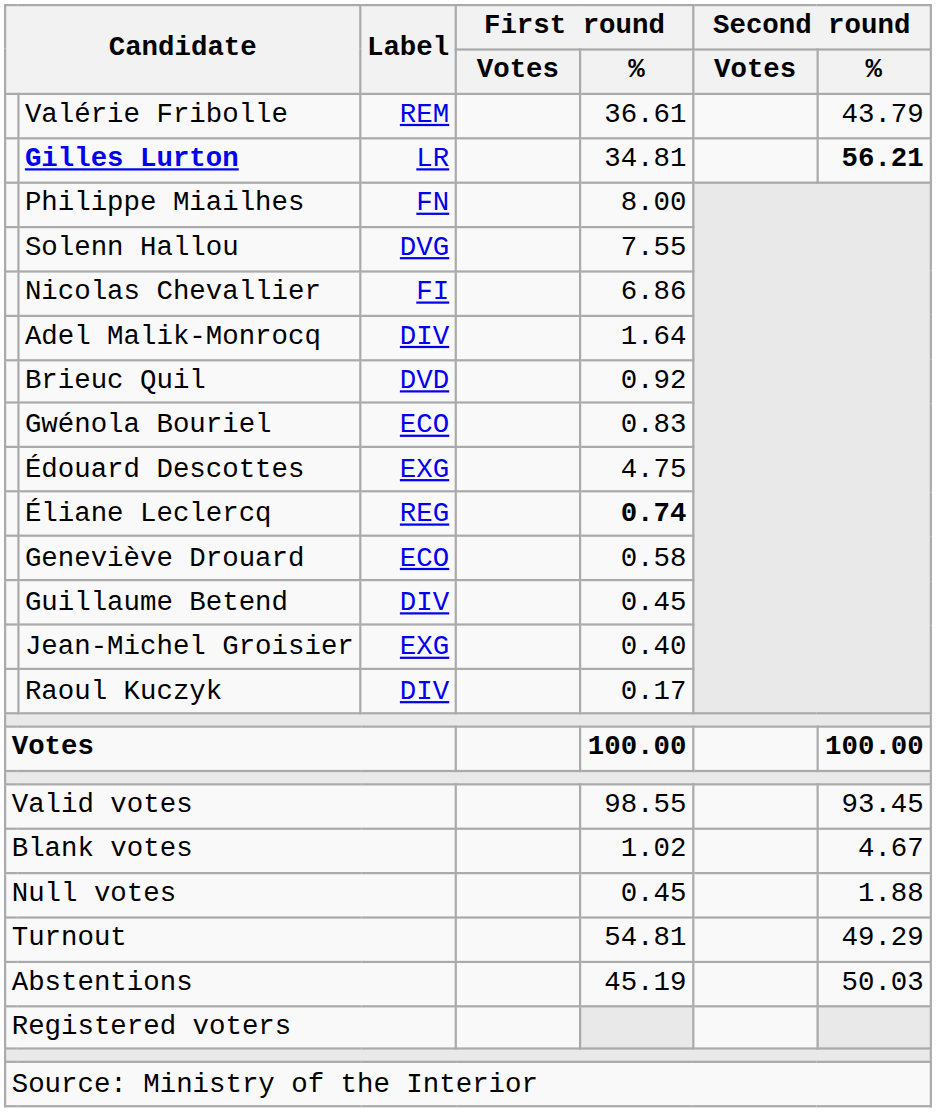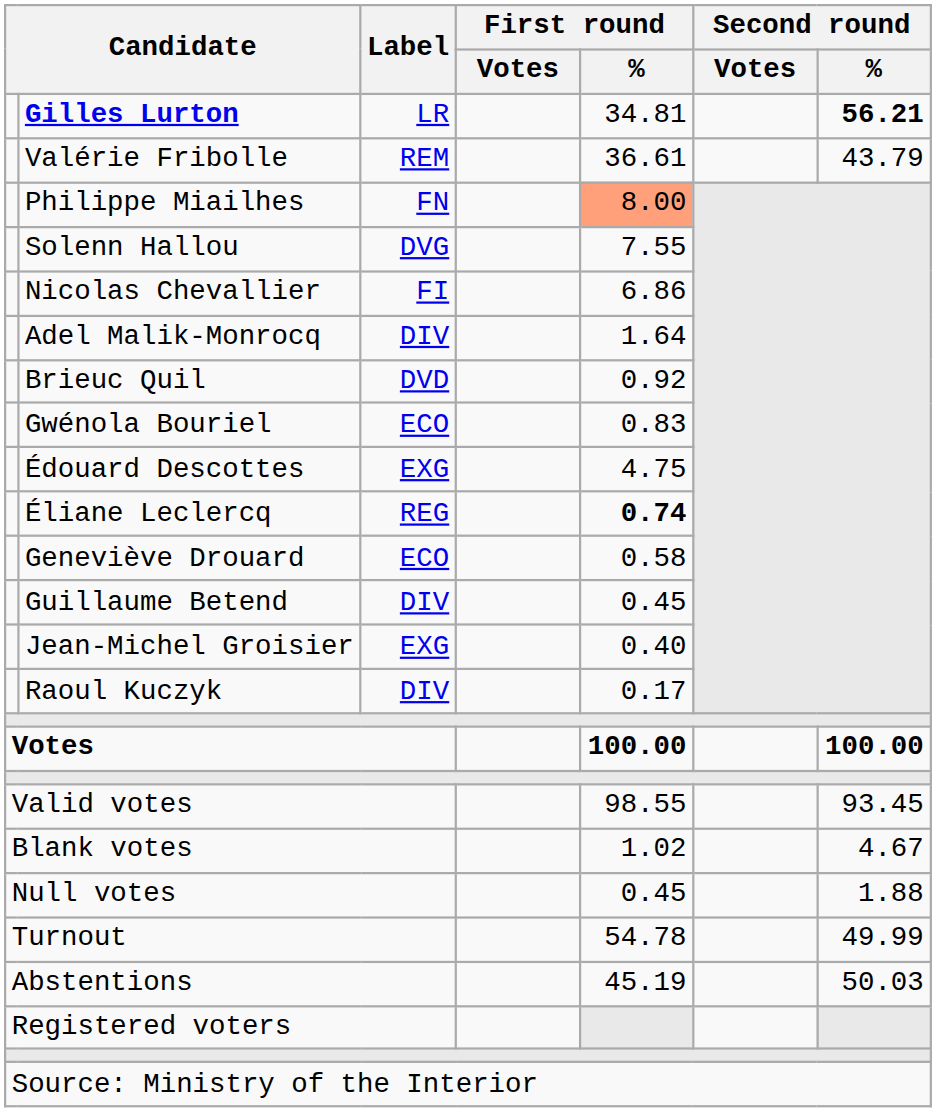 <table class="wikitable" style="text-align:right;font-size:95%;">
 <tr>
 <th rowspan="2" colspan="2">Candidate</th>
 <th rowspan="2">Label</th>
 <th colspan="2">First round</th>
 <th colspan="2">Second round</th>
 </tr>
 <tr>
 <th style="width:50px;">Votes</th>
 <th style="width:45px;">%</th>
 <th style="width:50px;">Votes</th>
 <th style="width:45px;">%</th>
 </tr>
 <tr>
 <td style="color:inherit;background:"></td>
+<td style="text-align:left;"><strong><a href='#'>Gilles Lurton</a></strong></td>
+<td><a href='#'>LR</a></td>
+<td></td>
+<td>34.81</td>
+<td><strong></strong></td>
+<td><strong>56.21</strong></td>
+</tr>
+<tr>
+<td style="color:inherit;background:"></td>
 <td style="text-align:left;">Valérie Fribolle</td>
 <td><a href='#'>REM</a></td>
 <td></td>
 <td>36.61</td>
 <td></td>
 <td>43.79</td>
 </tr>
 <tr>
 <td style="color:inherit;background:"></td>
-<td style="text-align:left;"><strong><a href='#'>Gilles Lurton</a></strong></td>
-<td><a href='#'>LR</a></td>
-<td></td>
-<td>34.81</td>
-<td><strong></strong></td>
-<td><strong>56.21</strong></td>
-</tr>
-<tr>
-<td style="color:inherit;background:"></td>
 <td style="text-align:left;">Philippe Miailhes</td>
 <td><a href='#'>FN</a></td>
 <td></td>
-<td>8.00</td>
+<td style="background: lightsalmon;">8.00</td>
 <td colspan="2" rowspan="12" style="background:#E9E9E9;"></td>
 </tr>
 <tr>
 <td style="color:inherit;background:"></td>
 <td style="text-align:left;">Solenn Hallou</td>
 <td><a href='#'>DVG</a></td>
 <td></td>
 <td>7.55</td>
 </tr>
 <tr>
 <td style="color:inherit;background:"></td>
 <td style="text-align:left;">Nicolas Chevallier</td>
 <td><a href='#'>FI</a></td>
 <td></td>
 <td>6.86</td>
 </tr>
 <tr>
 <td style="color:inherit;background:"></td>
 <td style="text-align:left;">Adel Malik-Monrocq</td>
 <td><a href='#'>DIV</a></td>
 <td></td>
 <td>1.64</td>
 </tr>
 <tr>
 <td style="color:inherit;background:"></td>
 <td style="text-align:left;">Brieuc Quil</td>
 <td><a href='#'>DVD</a></td>
 <td></td>
 <td>0.92</td>
 </tr>
 <tr>
 <td style="color:inherit;background:"></td>
 <td style="text-align:left;">Gwénola Bouriel</td>
 <td><a href='#'>ECO</a></td>
 <td></td>
 <td>0.83</td>
 </tr>
 <tr>
 <td style="color:inherit;background:"></td>
 <td style="text-align:left;">Édouard Descottes</td>
 <td><a href='#'>EXG</a></td>
 <td></td>
 <td>4.75</td>
 </tr>
 <tr>
 <td style="color:inherit;background:"></td>
 <td style="text-align:left;">Éliane Leclercq</td>
 <td><a href='#'>REG</a></td>
 <td></td>
 <td><strong>0.74</strong></td>
 </tr>
 <tr>
 <td style="color:inherit;background:"></td>
 <td style="text-align:left;">Geneviève Drouard</td>
 <td><a href='#'>ECO</a></td>
 <td></td>
 <td>0.58</td>
 </tr>
 <tr>
 <td style="color:inherit;background:"></td>
 <td style="text-align:left;">Guillaume Betend</td>
 <td><a href='#'>DIV</a></td>
 <td></td>
 <td>0.45</td>
 </tr>
 <tr>
 <td style="color:inherit;background:"></td>
 <td style="text-align:left;">Jean-Michel Groisier</td>
 <td><a href='#'>EXG</a></td>
 <td></td>
 <td>0.40</td>
 </tr>
 <tr>
 <td style="color:inherit;background:"></td>
 <td style="text-align:left;">Raoul Kuczyk</td>
 <td><a href='#'>DIV</a></td>
 <td></td>
 <td>0.17</td>
 </tr>
 <tr>
 <td colspan="7" style="background:#E9E9E9;"></td>
 </tr>
 <tr style="font-weight:bold;">
 <td colspan="3" style="text-align:left;">Votes</td>
 <td></td>
 <td>100.00</td>
 <td></td>
 <td>100.00</td>
 </tr>
 <tr>
 <td colspan="7" style="background:#E9E9E9;"></td>
 </tr>
 <tr>
 <td colspan="3" style="text-align:left;">Valid votes</td>
 <td></td>
 <td>98.55</td>
 <td></td>
 <td>93.45</td>
 </tr>
 <tr>
 <td colspan="3" style="text-align:left;">Blank votes</td>
 <td></td>
 <td>1.02</td>
 <td></td>
 <td>4.67</td>
 </tr>
 <tr>
 <td colspan="3" style="text-align:left;">Null votes</td>
 <td></td>
 <td>0.45</td>
 <td></td>
 <td>1.88</td>
 </tr>
 <tr>
 <td colspan="3" style="text-align:left;">Turnout</td>
 <td></td>
-<td>54.81</td>
+<td>54.78</td>
 <td></td>
-<td>49.29</td>
+<td>49.99</td>
 </tr>
 <tr>
 <td colspan="3" style="text-align:left;">Abstentions</td>
 <td></td>
 <td>45.19</td>
 <td></td>
 <td>50.03</td>
 </tr>
 <tr>
 <td colspan="3" style="text-align:left;">Registered voters</td>
 <td></td>
 <td style="color:inherit;background:#E9E9E9;"></td>
 <td></td>
 <td style="color:inherit;background:#E9E9E9;"></td>
 </tr>
 <tr>
 <td colspan="7" style="background:#E9E9E9;"></td>
 </tr>
 <tr>
 <td colspan="7" style="text-align:left;">Source: Ministry of the Interior</td>
 </tr>
 </table>
